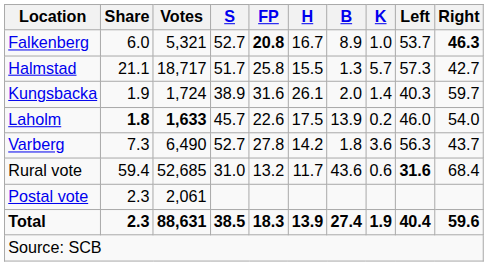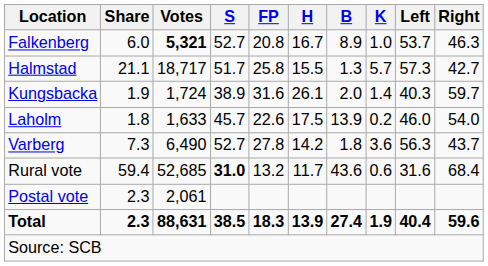 <table class="wikitable sortable" style=text-align:right>
 <tr>
 <th>Location</th>
 <th>Share</th>
 <th>Votes</th>
 <th><a href='#'>S</a></th>
 <th><a href='#'>FP</a></th>
 <th><a href='#'>H</a></th>
 <th><a href='#'>B</a></th>
 <th><a href='#'>K</a></th>
 <th>Left</th>
 <th>Right</th>
 </tr>
 <tr>
 <td align=left><a href='#'>Falkenberg</a></td>
 <td>6.0</td>
-<td>5,321</td>
+<td><strong>5,321</strong></td>
 <td>52.7</td>
-<td><strong>20.8</strong></td>
+<td>20.8</td>
 <td>16.7</td>
 <td>8.9</td>
 <td>1.0</td>
 <td>53.7</td>
-<td><strong>46.3</strong></td>
+<td>46.3</td>
 </tr>
 <tr>
 <td align=left><a href='#'>Halmstad</a></td>
 <td>21.1</td>
 <td>18,717</td>
 <td>51.7</td>
 <td>25.8</td>
 <td>15.5</td>
 <td>1.3</td>
 <td>5.7</td>
 <td>57.3</td>
 <td>42.7</td>
 </tr>
 <tr>
 <td align=left><a href='#'>Kungsbacka</a></td>
 <td>1.9</td>
 <td>1,724</td>
 <td>38.9</td>
 <td>31.6</td>
 <td>26.1</td>
 <td>2.0</td>
 <td>1.4</td>
 <td>40.3</td>
 <td>59.7</td>
 </tr>
 <tr>
 <td align=left><a href='#'>Laholm</a></td>
-<td><strong>1.8</strong></td>
-<td><strong>1,633</strong></td>
+<td>1.8</td>
+<td>1,633</td>
 <td>45.7</td>
 <td>22.6</td>
 <td>17.5</td>
 <td>13.9</td>
 <td>0.2</td>
 <td>46.0</td>
 <td>54.0</td>
 </tr>
 <tr>
 <td align=left><a href='#'>Varberg</a></td>
 <td>7.3</td>
 <td>6,490</td>
 <td>52.7</td>
 <td>27.8</td>
 <td>14.2</td>
 <td>1.8</td>
 <td>3.6</td>
 <td>56.3</td>
 <td>43.7</td>
 </tr>
 <tr>
 <td align=left>Rural vote</td>
 <td>59.4</td>
 <td>52,685</td>
-<td>31.0</td>
+<td><strong>31.0</strong></td>
 <td>13.2</td>
 <td>11.7</td>
 <td>43.6</td>
 <td>0.6</td>
-<td><strong>31.6</strong></td>
+<td>31.6</td>
 <td>68.4</td>
 </tr>
 <tr>
 <td align=left><a href='#'>Postal vote</a></td>
 <td>2.3</td>
 <td>2,061</td>
 <td></td>
 <td></td>
 <td></td>
 <td></td>
 <td></td>
 <td></td>
 <td></td>
 </tr>
 <tr>
 <td align=left><strong>Total</strong></td>
 <td><strong>2.3</strong></td>
 <td><strong>88,631</strong></td>
 <td><strong>38.5</strong></td>
 <td><strong>18.3</strong></td>
 <td><strong>13.9</strong></td>
 <td><strong>27.4</strong></td>
 <td><strong>1.9</strong></td>
 <td><strong>40.4</strong></td>
 <td><strong>59.6</strong></td>
 </tr>
 <tr>
 <td align=left colspan=10>Source: SCB </td>
 </tr>
 </table>
